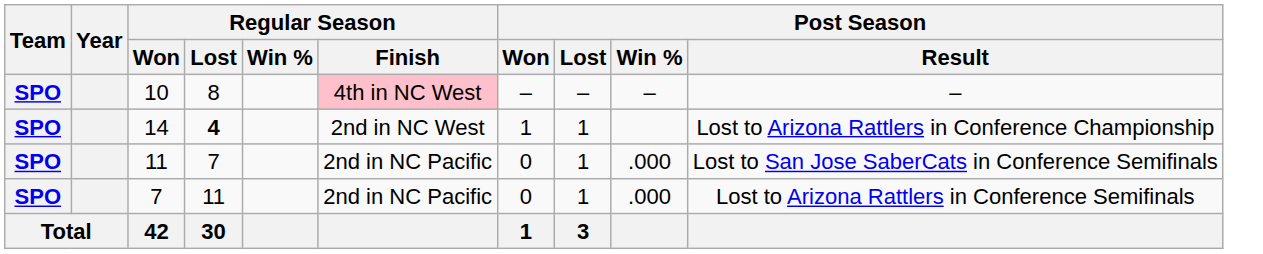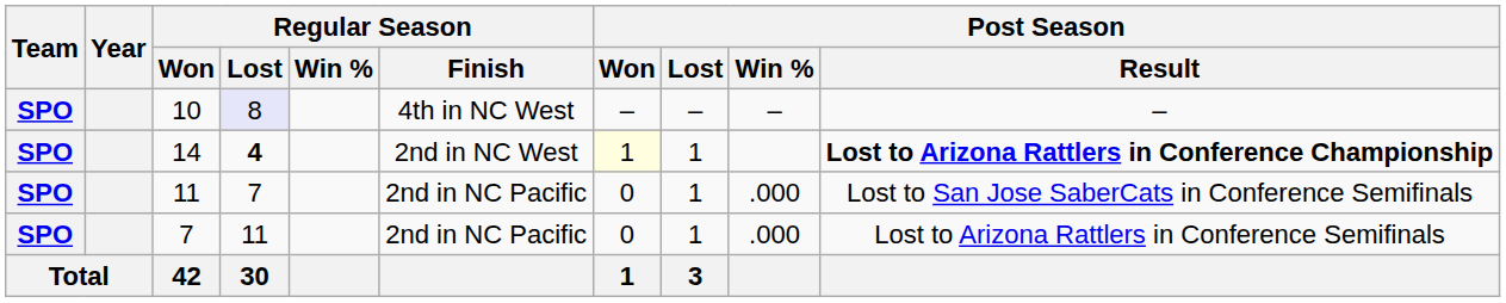 <table class="wikitable" style="font-size: 95%; text-align:center;">
 <tr>
 <th rowspan=2>Team</th>
 <th rowspan=2>Year</th>
 <th colspan=4>Regular Season</th>
 <th colspan=4>Post Season</th>
 </tr>
 <tr>
 <th>Won</th>
 <th>Lost</th>
 <th>Win %</th>
 <th>Finish</th>
 <th>Won</th>
 <th>Lost</th>
 <th>Win %</th>
 <th>Result</th>
 </tr>
 <tr>
 <th><a href='#'>SPO</a></th>
 <th></th>
 <td>10</td>
-<td>8</td>
+<td style="background: lavender;">8</td>
 <td></td>
-<td style="background: pink;">4th in NC West</td>
+<td>4th in NC West</td>
 <td>–</td>
 <td>–</td>
 <td>–</td>
 <td>–</td>
 </tr>
 <tr>
 <th><a href='#'>SPO</a></th>
 <th></th>
 <td>14</td>
 <td><strong>4</strong></td>
 <td></td>
 <td>2nd in NC West</td>
-<td>1</td>
+<td style="background: lightyellow;">1</td>
 <td>1</td>
 <td></td>
-<td>Lost to <a href='#'>Arizona Rattlers</a> in Conference Championship</td>
+<td><strong>Lost to <a href='#'>Arizona Rattlers</a> in Conference Championship</strong></td>
 </tr>
 <tr>
 <th><a href='#'>SPO</a></th>
 <th></th>
 <td>11</td>
 <td>7</td>
 <td></td>
 <td>2nd in NC Pacific</td>
 <td>0</td>
 <td>1</td>
 <td>.000</td>
 <td>Lost to <a href='#'>San Jose SaberCats</a> in Conference Semifinals</td>
 </tr>
 <tr>
 <th><a href='#'>SPO</a></th>
 <th></th>
 <td>7</td>
 <td>11</td>
 <td></td>
 <td>2nd in NC Pacific</td>
 <td>0</td>
 <td>1</td>
 <td>.000</td>
 <td>Lost to <a href='#'>Arizona Rattlers</a> in Conference Semifinals</td>
 </tr>
 <tr>
 <th colspan=2>Total</th>
 <th>42</th>
 <th>30</th>
 <th></th>
 <th></th>
 <th>1</th>
 <th>3</th>
 <th></th>
 <th></th>
 </tr>
 </table>
